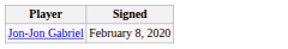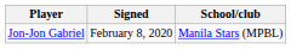 <table class="wikitable sortable sortable" style="text-align: center">
 <tr>
 <th>Player</th>
 <th>Signed</th>
+<th>School/club</th>
 </tr>
 <tr style="text-align: center">
 <td><a href='#'>Jon-Jon Gabriel</a></td>
 <td>February 8, 2020</td>
+<td><a href='#'>Manila Stars</a> (MPBL)</td>
 </tr>
 </table>
